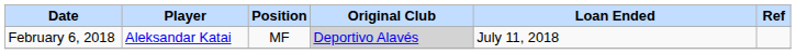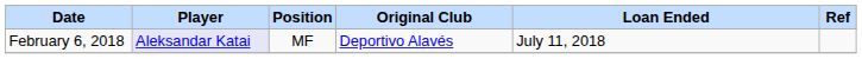 <table class="wikitable" style="text-align:left; font-size:95%;">
 <tr>
 <th style="background:#c2ddff; width:120px;">Date</th>
 <th style="background:#c2ddff; width:130px;">Player</th>
 <th style="background:#c2ddff; width:50px;">Position</th>
 <th style="background:#c2ddff; width:170px;">Original Club</th>
 <th style="background:#c2ddff; width:300px;">Loan Ended</th>
 <th style="background:#c2ddff; width:30px;">Ref</th>
 </tr>
 <tr>
 <td>February 6, 2018</td>
-<td> <a href='#'>Aleksandar Katai</a></td>
+<td style="background: lavender;"> <a href='#'>Aleksandar Katai</a></td>
 <td align=center>MF</td>
-<td style="background: lightgrey;"> <a href='#'>Deportivo Alavés</a></td>
+<td> <a href='#'>Deportivo Alavés</a></td>
 <td>July 11, 2018</td>
 <td></td>
 </tr>
 <tr>
 </tr>
 </table>
